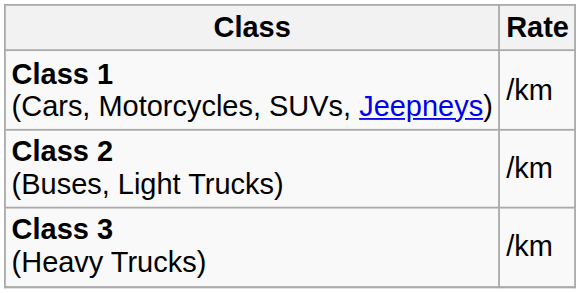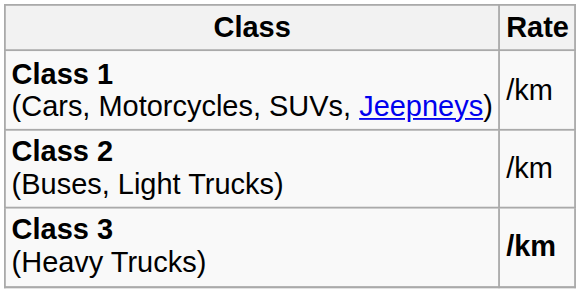 <table class=wikitable>
 <tr>
 <th>Class</th>
 <th>Rate</th>
 </tr>
 <tr>
 <td><strong>Class 1</strong><br>(Cars, Motorcycles, SUVs, <a href='#'>Jeepneys</a>)</td>
 <td>/km</td>
 </tr>
 <tr>
 <td><strong>Class 2</strong><br>(Buses, Light Trucks)</td>
 <td>/km</td>
 </tr>
 <tr>
 <td><strong>Class 3</strong><br>(Heavy Trucks)</td>
-<td>/km</td>
+<td><strong>/km</strong></td>
 </tr>
 <tr>
 </tr>
 </table>
